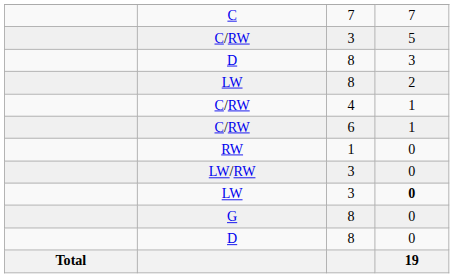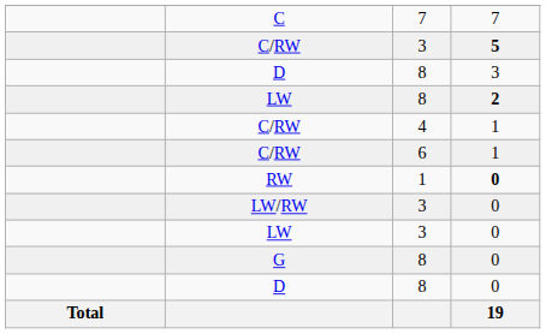 <table class="wikitable sortable" width ="40%">
 <tr align="center">
 </tr>
 <tr align="center" bgcolor="">
 <td></td>
 <td><a href='#'>C</a></td>
 <td>7</td>
 <td>7</td>
 </tr>
 <tr align="center" bgcolor="f0f0f0">
 <td></td>
 <td><a href='#'>C</a>/<a href='#'>RW</a></td>
 <td>3</td>
-<td>5</td>
+<td><strong>5</strong></td>
 </tr>
 <tr align="center" bgcolor="">
 <td></td>
 <td><a href='#'>D</a></td>
 <td>8</td>
 <td>3</td>
 </tr>
 <tr align="center" bgcolor="f0f0f0">
 <td></td>
 <td><a href='#'>LW</a></td>
 <td>8</td>
-<td>2</td>
+<td><strong>2</strong></td>
 </tr>
 <tr align="center" bgcolor="">
 <td></td>
 <td><a href='#'>C</a>/<a href='#'>RW</a></td>
 <td>4</td>
 <td>1</td>
 </tr>
 <tr align="center" bgcolor="f0f0f0">
 <td></td>
 <td><a href='#'>C</a>/<a href='#'>RW</a></td>
 <td>6</td>
 <td>1</td>
 </tr>
 <tr align="center" bgcolor="">
 <td></td>
 <td><a href='#'>RW</a></td>
 <td>1</td>
-<td>0</td>
+<td><strong>0</strong></td>
 </tr>
 <tr align="center" bgcolor="f0f0f0">
 <td></td>
 <td><a href='#'>LW</a>/<a href='#'>RW</a></td>
 <td>3</td>
 <td>0</td>
 </tr>
 <tr align="center" bgcolor="">
 <td></td>
 <td><a href='#'>LW</a></td>
 <td>3</td>
-<td><strong>0</strong></td>
+<td>0</td>
 </tr>
 <tr align="center" bgcolor="f0f0f0">
 <td></td>
 <td><a href='#'>G</a></td>
 <td>8</td>
 <td>0</td>
 </tr>
 <tr align="center" bgcolor="">
 <td></td>
 <td><a href='#'>D</a></td>
 <td>8</td>
 <td>0</td>
 </tr>
 <tr>
 <th>Total</th>
 <th></th>
 <th></th>
 <th>19</th>
 </tr>
 </table>
